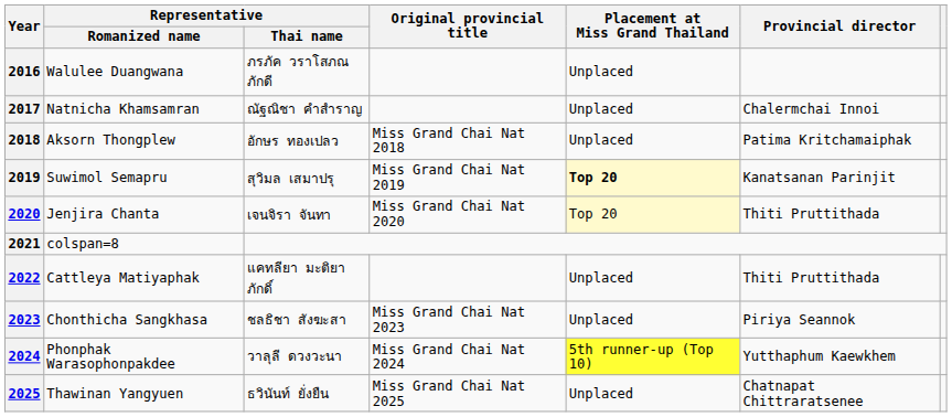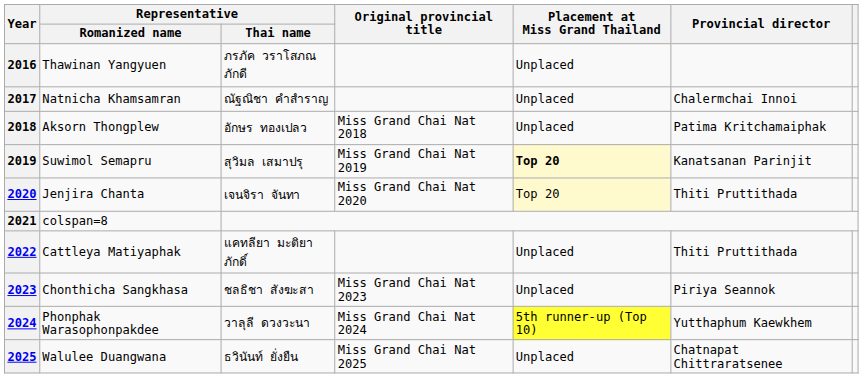 <table class="wikitable defaultcenter col2left col3left col6left" style="font-size:95%;">
 <tr>
 <th rowspan=2>Year</th>
 <th colspan=2>Representative</th>
 <th rowspan=2>Original provincial title</th>
 <th rowspan=2>Placement at<br>Miss Grand Thailand</th>
 <th rowspan=2>Provincial director</th>
 <th rowspan=2></th>
 </tr>
 <tr>
 <th>Romanized name</th>
 <th>Thai name</th>
 </tr>
 <tr>
 <th>2016</th>
-<td>Walulee Duangwana</td>
+<td>Thawinan Yangyuen</td>
 <td>ภรภัค วราโสภณภักดี</td>
 <td></td>
 <td>Unplaced</td>
 <td></td>
 <td></td>
 </tr>
 <tr>
 <th>2017</th>
 <td>Natnicha Khamsamran</td>
 <td>ณัฐณิชา คำสำราญ</td>
 <td></td>
 <td>Unplaced</td>
 <td>Chalermchai Innoi</td>
 <td></td>
 </tr>
 <tr>
 <th>2018</th>
 <td>Aksorn Thongplew</td>
 <td>อักษร ทองเปลว</td>
 <td>Miss Grand Chai Nat 2018</td>
 <td>Unplaced</td>
 <td>Patima Kritchamaiphak</td>
 <td></td>
 </tr>
 <tr>
 <th>2019</th>
 <td>Suwimol Semapru</td>
 <td>สุวิมล เสมาปรุ</td>
 <td>Miss Grand Chai Nat 2019</td>
 <td bgcolor=#FFFACD><strong>Top 20</strong></td>
 <td>Kanatsanan Parinjit</td>
 <td></td>
 </tr>
 <tr>
 <th><a href='#'>2020</a></th>
 <td>Jenjira Chanta</td>
 <td>เจนจิรา จันทา</td>
 <td>Miss Grand Chai Nat 2020</td>
 <td bgcolor=#FFFACD>Top 20</td>
 <td>Thiti Pruttithada</td>
 <td></td>
 </tr>
 <tr>
 <th>2021</th>
 <td>colspan=8 </td>
 </tr>
 <tr>
 <th><a href='#'>2022</a></th>
 <td>Cattleya Matiyaphak</td>
 <td>แคทลียา มะติยาภักดิ์</td>
 <td></td>
 <td>Unplaced</td>
 <td>Thiti Pruttithada</td>
 <td></td>
 </tr>
 <tr>
 <th><a href='#'>2023</a></th>
 <td>Chonthicha Sangkhasa</td>
 <td>ชลธิชา สังฆะสา</td>
 <td>Miss Grand Chai Nat 2023</td>
 <td>Unplaced</td>
 <td>Piriya Seannok</td>
 <td></td>
 </tr>
 <tr>
 <th><a href='#'>2024</a></th>
 <td>Phonphak Warasophonpakdee</td>
 <td>วาลุลี ดวงวะนา</td>
 <td>Miss Grand Chai Nat 2024</td>
 <td bgcolor=#FFFF33>5th runner-up (Top 10)</td>
 <td>Yutthaphum Kaewkhem</td>
 <td></td>
 </tr>
 <tr>
 <th><a href='#'>2025</a></th>
-<td>Thawinan Yangyuen</td>
+<td>Walulee Duangwana</td>
 <td>ธวินันท์ ยั่งยืน</td>
 <td>Miss Grand Chai Nat 2025</td>
 <td>Unplaced</td>
 <td>Chatnapat Chittraratsenee</td>
 <td></td>
 </tr>
 </table>
